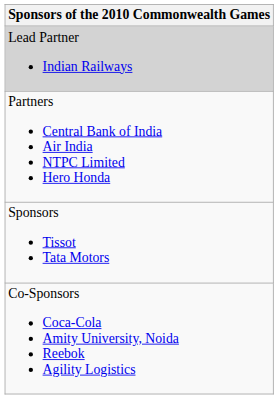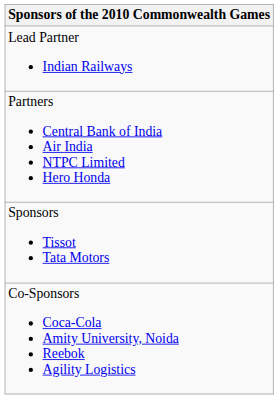 <table class="wikitable collapsible " style="float:center; margin:10px;">
 <tr>
 <th>Sponsors of the 2010 Commonwealth Games</th>
 </tr>
 <tr>
-<td style="background: lightgrey;">Lead Partner<br><ul><li><a href='#'>Indian Railways</a></li></ul></td>
+<td>Lead Partner<br><ul><li><a href='#'>Indian Railways</a></li></ul></td>
 </tr>
 <tr>
 <td>Partners<br><ul><li><a href='#'>Central Bank of India</a></li><li><a href='#'>Air India</a></li><li><a href='#'>NTPC Limited</a></li><li><a href='#'>Hero Honda</a></li></ul></td>
 </tr>
 <tr>
 <td>Sponsors<br><ul><li><a href='#'>Tissot</a></li><li><a href='#'>Tata Motors</a></li></ul></td>
 </tr>
 <tr>
 <td>Co-Sponsors<br><ul><li><a href='#'>Coca-Cola</a></li><li><a href='#'>Amity University, Noida</a></li><li><a href='#'>Reebok</a></li><li><a href='#'>Agility Logistics</a></li></ul></td>
 </tr>
 </table>
